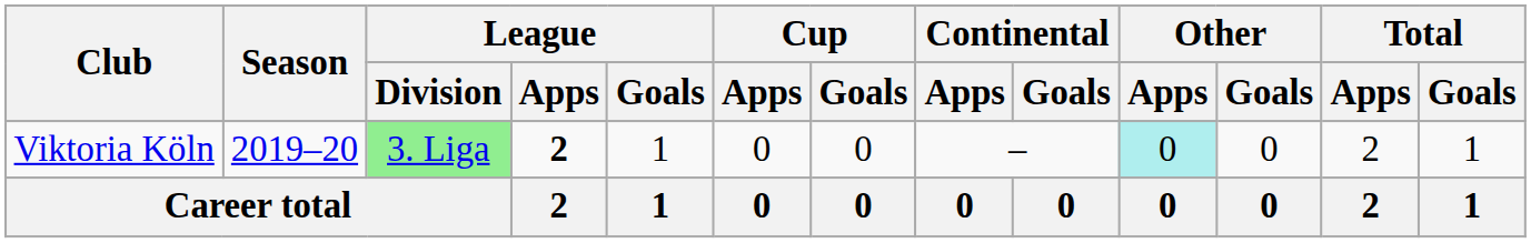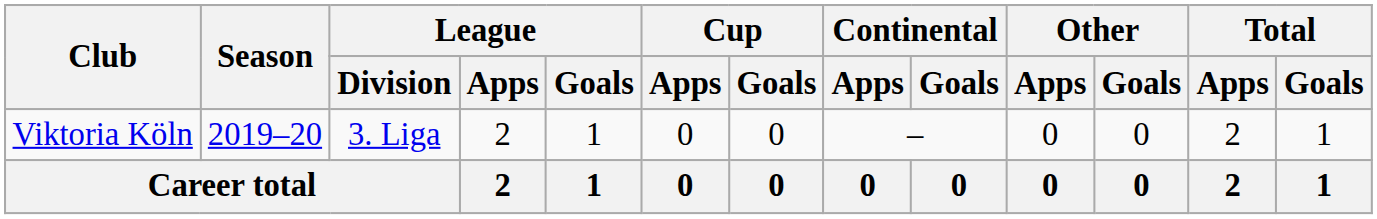 <table class="wikitable" style="text-align:center">
 <tr>
 <th rowspan="2">Club</th>
 <th rowspan="2">Season</th>
 <th colspan="3">League</th>
 <th colspan="2">Cup</th>
 <th colspan="2">Continental</th>
 <th colspan="2">Other</th>
 <th colspan="2">Total</th>
 </tr>
 <tr>
 <th>Division</th>
 <th>Apps</th>
 <th>Goals</th>
 <th>Apps</th>
 <th>Goals</th>
 <th>Apps</th>
 <th>Goals</th>
 <th>Apps</th>
 <th>Goals</th>
 <th>Apps</th>
 <th>Goals</th>
 </tr>
 <tr>
 <td><a href='#'>Viktoria Köln</a></td>
 <td><a href='#'>2019–20</a></td>
-<td style="background: lightgreen;"><a href='#'>3. Liga</a></td>
-<td><strong>2</strong></td>
+<td><a href='#'>3. Liga</a></td>
+<td>2</td>
 <td>1</td>
 <td>0</td>
 <td>0</td>
 <td colspan="2">–</td>
-<td style="background: paleturquoise;">0</td>
+<td>0</td>
 <td>0</td>
 <td>2</td>
 <td>1</td>
 </tr>
 <tr>
 <th colspan="3">Career total</th>
 <th>2</th>
 <th>1</th>
 <th>0</th>
 <th>0</th>
 <th>0</th>
 <th>0</th>
 <th>0</th>
 <th>0</th>
 <th>2</th>
 <th>1</th>
 </tr>
 </table>
